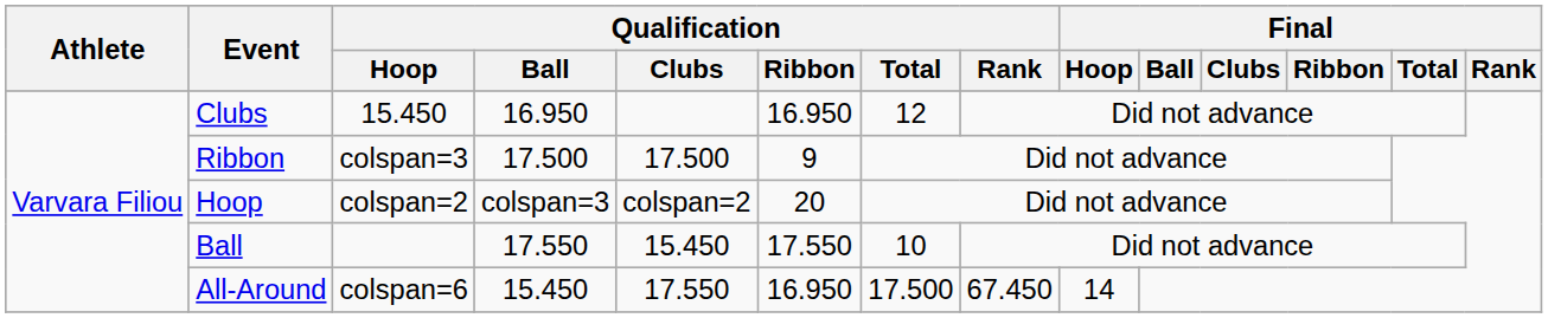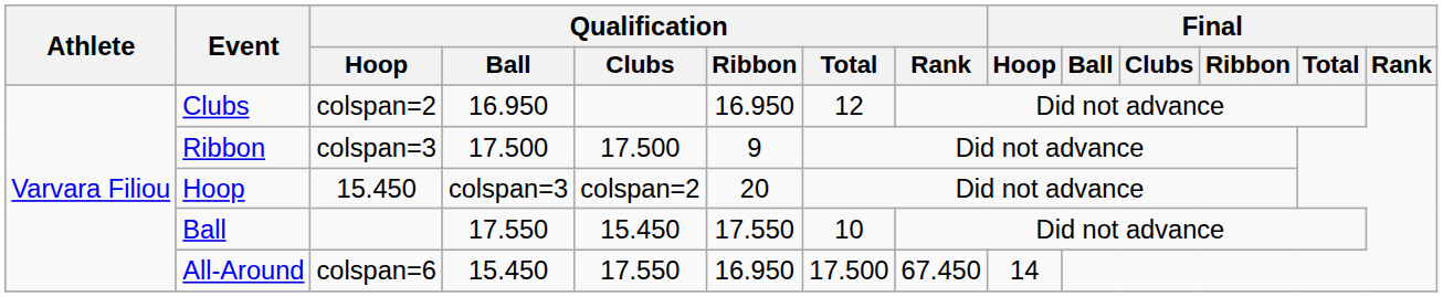 <table class=wikitable style="font-size:90%">
 <tr>
 <th rowspan=2>Athlete</th>
 <th rowspan=2>Event</th>
 <th colspan=6>Qualification</th>
 <th colspan=6>Final</th>
 </tr>
 <tr style="font-size:95%">
 <th>Hoop</th>
 <th>Ball</th>
 <th>Clubs</th>
 <th>Ribbon</th>
 <th>Total</th>
 <th>Rank</th>
 <th>Hoop</th>
 <th>Ball</th>
 <th>Clubs</th>
 <th>Ribbon</th>
 <th>Total</th>
 <th>Rank</th>
 </tr>
 <tr align=center>
 <td align=left rowspan=5><a href='#'>Varvara Filiou</a></td>
 <td align=left><a href='#'>Clubs</a></td>
-<td>15.450</td>
+<td>colspan=2 </td>
 <td>16.950</td>
 <td></td>
 <td>16.950</td>
 <td>12</td>
 <td colspan=6>Did not advance</td>
 </tr>
 <tr align=center>
 <td align=left><a href='#'>Ribbon</a></td>
 <td>colspan=3 </td>
 <td>17.500</td>
 <td>17.500</td>
 <td>9</td>
 <td colspan=6>Did not advance</td>
 </tr>
 <tr align=center>
 <td align=left><a href='#'>Hoop</a></td>
-<td>colspan=2 </td>
+<td>15.450</td>
 <td>colspan=3 </td>
 <td>colspan=2 </td>
 <td>20</td>
 <td colspan=6>Did not advance</td>
 </tr>
 <tr align=center>
 <td align=left><a href='#'>Ball</a></td>
 <td></td>
 <td>17.550</td>
 <td>15.450</td>
 <td>17.550</td>
 <td>10</td>
 <td colspan=6>Did not advance</td>
 </tr>
 <tr align=center>
 <td align=left><a href='#'>All-Around</a></td>
 <td>colspan=6 </td>
 <td>15.450</td>
 <td>17.550</td>
 <td>16.950</td>
 <td>17.500</td>
 <td>67.450</td>
 <td>14</td>
 </tr>
 </table>
